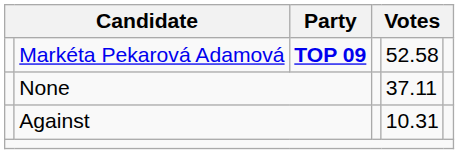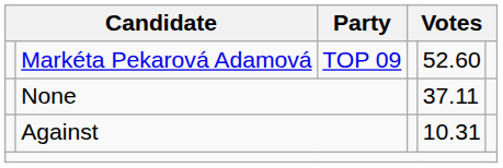 <table class="wikitable">
 <tr>
 <th colspan=2>Candidate</th>
 <th>Party</th>
 <th colspan=3>Votes</th>
 </tr>
 <tr>
 <td style="background:"></td>
 <td><a href='#'>Markéta Pekarová Adamová</a></td>
-<td><strong><a href='#'>TOP 09</a></strong></td>
+<td><a href='#'>TOP 09</a></td>
 <td></td>
-<td>52.58</td>
+<td>52.60</td>
 <td></td>
 </tr>
 <tr>
 <td style="background:"></td>
 <td colspan=2>None</td>
 <td></td>
 <td>37.11</td>
 <td></td>
 </tr>
 <tr>
 <td style="background:"></td>
 <td colspan=2>Against</td>
 <td></td>
 <td>10.31</td>
 <td></td>
 </tr>
 <tr>
 <td colspan=6></td>
 </tr>
 </table>
